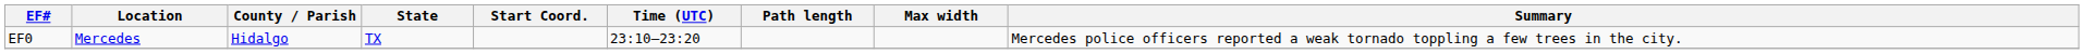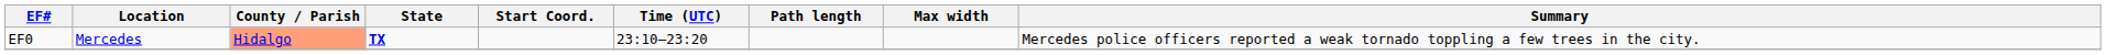 <table class="wikitable sortable" style="width:100%;">
 <tr>
 <th scope="col"  style="width:3%; text-align:center;"><a href='#'>EF#</a></th>
 <th scope="col"  style="width:7%; text-align:center;" class="unsortable">Location</th>
 <th scope="col"  style="width:6%; text-align:center;" class="unsortable">County / Parish</th>
 <th scope="col"  style="width:5%; text-align:center;">State</th>
 <th scope="col"  style="width:6%; text-align:center;">Start Coord.</th>
 <th scope="col"  style="width:6%; text-align:center;">Time (<a href='#'>UTC</a>)</th>
 <th scope="col"  style="width:6%; text-align:center;">Path length</th>
 <th scope="col"  style="width:6%; text-align:center;">Max width</th>
 <th scope="col" class="unsortable" style="width:48%; text-align:center;">Summary</th>
 </tr>
 <tr>
 <td>EF0</td>
 <td><a href='#'>Mercedes</a></td>
-<td><a href='#'>Hidalgo</a></td>
-<td><a href='#'>TX</a></td>
+<td style="background: lightsalmon;"><a href='#'>Hidalgo</a></td>
+<td><strong><a href='#'>TX</a></strong></td>
 <td></td>
 <td>23:10–23:20</td>
 <td></td>
 <td></td>
 <td>Mercedes police officers reported a weak tornado toppling a few trees in the city.</td>
 </tr>
 <tr>
 </tr>
 </table>
